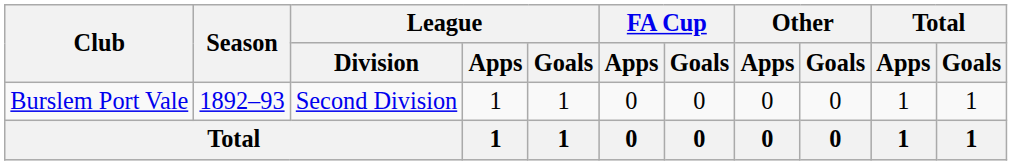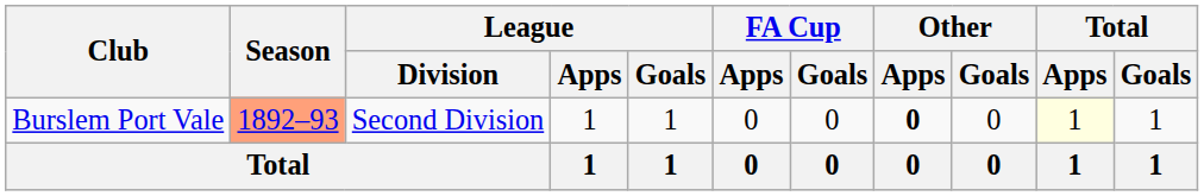 <table class="wikitable" style="text-align:center">
 <tr>
 <th rowspan="2">Club</th>
 <th rowspan="2">Season</th>
 <th colspan="3">League</th>
 <th colspan="2"><a href='#'>FA Cup</a></th>
 <th colspan="2">Other</th>
 <th colspan="2">Total</th>
 </tr>
 <tr>
 <th>Division</th>
 <th>Apps</th>
 <th>Goals</th>
 <th>Apps</th>
 <th>Goals</th>
 <th>Apps</th>
 <th>Goals</th>
 <th>Apps</th>
 <th>Goals</th>
 </tr>
 <tr>
 <td rowspan="1"><a href='#'>Burslem Port Vale</a></td>
-<td><a href='#'>1892–93</a></td>
+<td style="background: lightsalmon;"><a href='#'>1892–93</a></td>
 <td rowspan="1"><a href='#'>Second Division</a></td>
 <td>1</td>
 <td>1</td>
 <td>0</td>
 <td>0</td>
+<td><strong>0</strong></td>
 <td>0</td>
-<td>0</td>
-<td>1</td>
+<td style="background: lightyellow;">1</td>
 <td>1</td>
 </tr>
 <tr>
 <th colspan="3">Total</th>
 <th>1</th>
 <th>1</th>
 <th>0</th>
 <th>0</th>
 <th>0</th>
 <th>0</th>
 <th>1</th>
 <th>1</th>
 </tr>
 </table>
